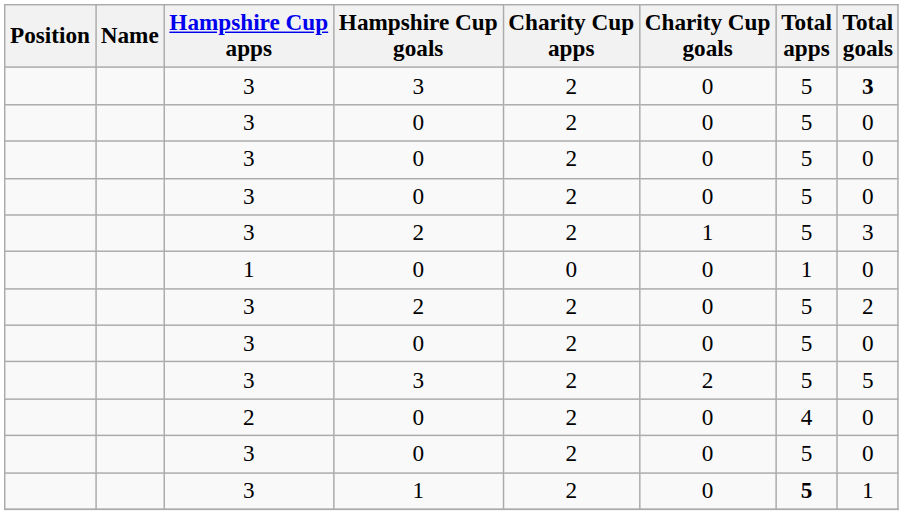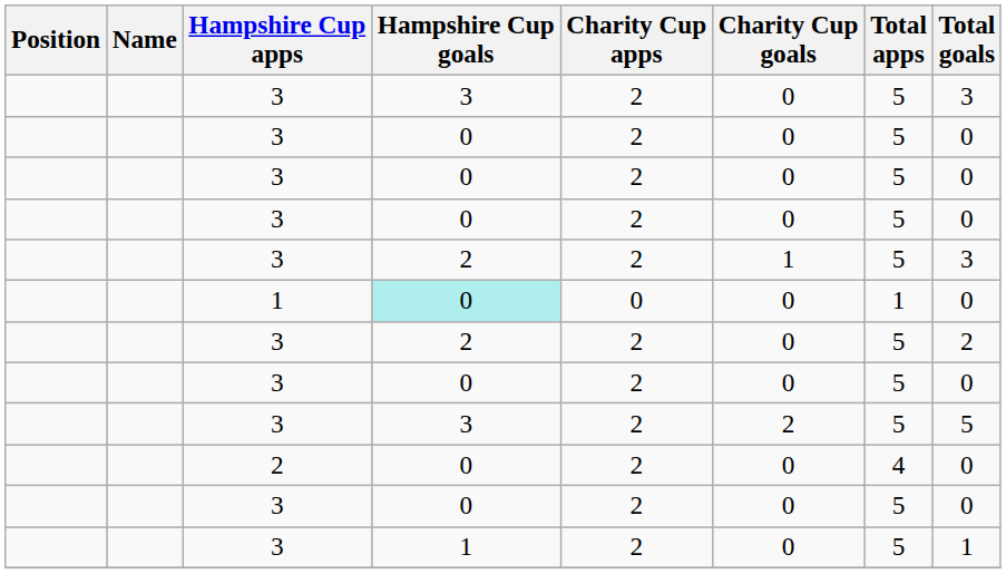 <table class="wikitable sortable" style="text-align:center">
 <tr>
 <th>Position</th>
 <th>Name</th>
 <th><a href='#'>Hampshire Cup</a><br>apps</th>
 <th>Hampshire Cup<br>goals</th>
 <th>Charity Cup<br>apps</th>
 <th>Charity Cup<br>goals</th>
 <th>Total<br>apps</th>
 <th>Total<br>goals</th>
 </tr>
 <tr>
 <td></td>
 <td align="left"></td>
 <td>3</td>
 <td>3</td>
 <td>2</td>
 <td>0</td>
 <td>5</td>
-<td><strong>3</strong></td>
+<td>3</td>
 </tr>
 <tr>
 <td></td>
 <td align="left"></td>
 <td>3</td>
 <td>0</td>
 <td>2</td>
 <td>0</td>
 <td>5</td>
 <td>0</td>
 </tr>
 <tr>
 <td></td>
 <td align="left"></td>
 <td>3</td>
 <td>0</td>
 <td>2</td>
 <td>0</td>
 <td>5</td>
 <td>0</td>
 </tr>
 <tr>
 <td></td>
 <td align="left"></td>
 <td>3</td>
 <td>0</td>
 <td>2</td>
 <td>0</td>
 <td>5</td>
 <td>0</td>
 </tr>
 <tr>
 <td></td>
 <td align="left"></td>
 <td>3</td>
 <td>2</td>
 <td>2</td>
 <td>1</td>
 <td>5</td>
 <td>3</td>
 </tr>
 <tr>
 <td></td>
 <td align="left"></td>
 <td>1</td>
-<td>0</td>
+<td style="background: paleturquoise;">0</td>
 <td>0</td>
 <td>0</td>
 <td>1</td>
 <td>0</td>
 </tr>
 <tr>
 <td></td>
 <td align="left"></td>
 <td>3</td>
 <td>2</td>
 <td>2</td>
 <td>0</td>
 <td>5</td>
 <td>2</td>
 </tr>
 <tr>
 <td></td>
 <td align="left"></td>
 <td>3</td>
 <td>0</td>
 <td>2</td>
 <td>0</td>
 <td>5</td>
 <td>0</td>
 </tr>
 <tr>
 <td></td>
 <td align="left"></td>
 <td>3</td>
 <td>3</td>
 <td>2</td>
 <td>2</td>
 <td>5</td>
 <td>5</td>
 </tr>
 <tr>
 <td></td>
 <td align="left"></td>
 <td>2</td>
 <td>0</td>
 <td>2</td>
 <td>0</td>
 <td>4</td>
 <td>0</td>
 </tr>
 <tr>
 <td></td>
 <td align="left"></td>
 <td>3</td>
 <td>0</td>
 <td>2</td>
 <td>0</td>
 <td>5</td>
 <td>0</td>
 </tr>
 <tr>
 <td></td>
 <td align="left"></td>
 <td>3</td>
 <td>1</td>
 <td>2</td>
 <td>0</td>
-<td><strong>5</strong></td>
+<td>5</td>
 <td>1</td>
 </tr>
 <tr>
 </tr>
 </table>
